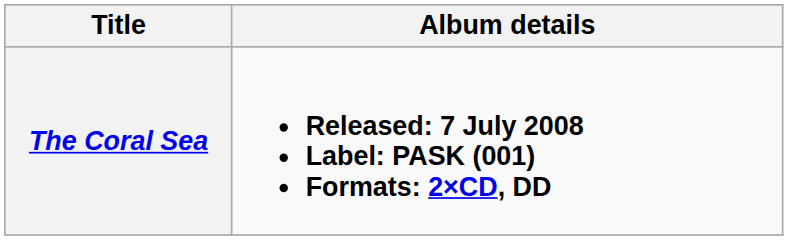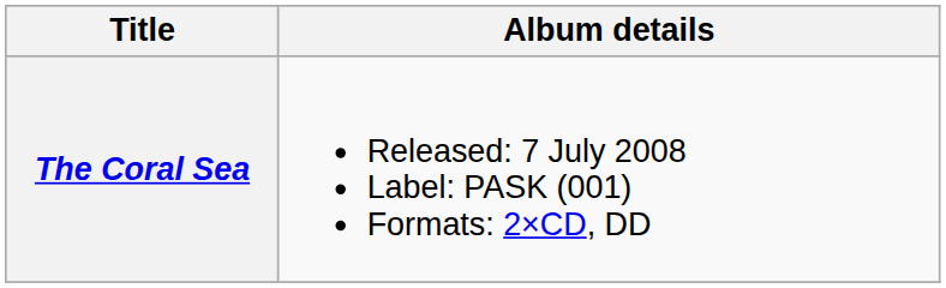 <table class="wikitable plainrowheaders" style="text-align:left">
 <tr>
 <th scope="col" style="width:8em">Title</th>
 <th scope="col" style="width:20em">Album details</th>
 </tr>
 <tr>
 <th scope="row"><em><a href='#'>The Coral Sea</a></em></th>
-<td><strong><br><ul><li>Released: 7 July 2008</li><li>Label: PASK (001)</li><li>Formats: <a href='#'>2×CD</a>, DD</li></ul></strong></td>
+<td><br><ul><li>Released: 7 July 2008</li><li>Label: PASK (001)</li><li>Formats: <a href='#'>2×CD</a>, DD</li></ul></td>
 </tr>
 </table>
